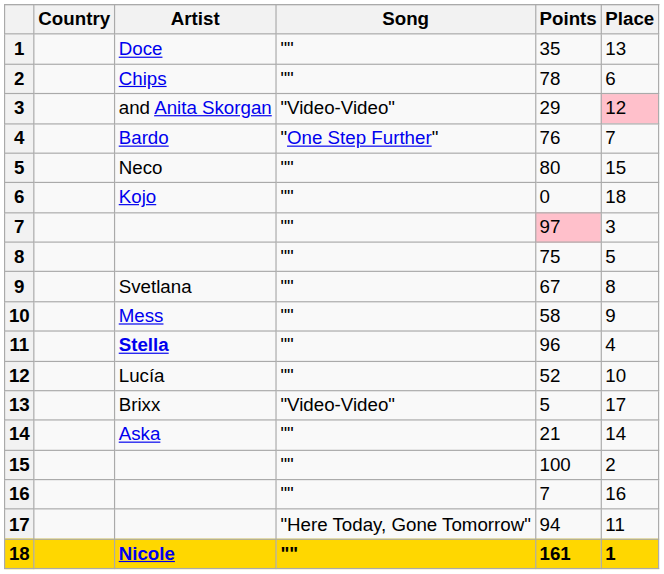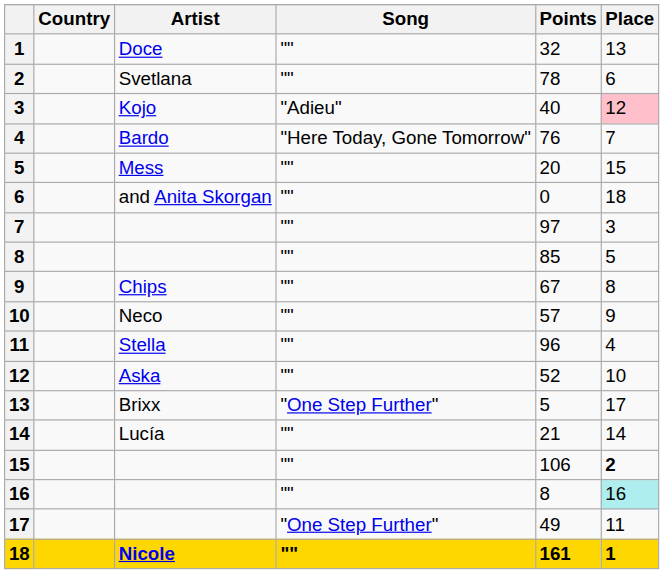 <table class="sortable wikitable plainrowheaders">
 <tr>
 </tr>
 <tr>
 <th scope="col"></th>
 <th scope="col">Country</th>
 <th scope="col">Artist</th>
 <th scope="col">Song</th>
 <th scope="col">Points</th>
 <th scope="col">Place</th>
 </tr>
 <tr>
 <th scope="row" style="text-align:center;">1</th>
 <td></td>
 <td><a href='#'>Doce</a></td>
 <td>""</td>
-<td>35</td>
+<td>32</td>
 <td>13</td>
 </tr>
 <tr>
 <th scope="row" style="text-align:center;">2</th>
 <td></td>
-<td><a href='#'>Chips</a></td>
+<td>Svetlana</td>
 <td>""</td>
 <td>78</td>
 <td>6</td>
 </tr>
 <tr>
 <th scope="row" style="text-align:center;">3</th>
 <td></td>
-<td> and <a href='#'>Anita Skorgan</a></td>
-<td>"Video-Video"</td>
-<td>29</td>
+<td><a href='#'>Kojo</a></td>
+<td>"Adieu"</td>
+<td>40</td>
 <td style="background: pink;">12</td>
 </tr>
 <tr>
 <th scope="row" style="text-align:center;">4</th>
 <td></td>
 <td><a href='#'>Bardo</a></td>
-<td>"<a href='#'>One Step Further</a>"</td>
+<td>"Here Today, Gone Tomorrow"</td>
 <td>76</td>
 <td>7</td>
 </tr>
 <tr>
 <th scope="row" style="text-align:center;">5</th>
 <td></td>
-<td>Neco</td>
+<td><a href='#'>Mess</a></td>
 <td>""</td>
-<td>80</td>
+<td>20</td>
 <td>15</td>
 </tr>
 <tr>
 <th scope="row" style="text-align:center;">6</th>
 <td></td>
-<td><a href='#'>Kojo</a></td>
+<td> and <a href='#'>Anita Skorgan</a></td>
 <td>""</td>
 <td>0</td>
 <td>18</td>
 </tr>
 <tr>
 <th scope="row" style="text-align:center;">7</th>
 <td></td>
 <td></td>
 <td>""</td>
-<td style="background: pink;">97</td>
+<td>97</td>
 <td>3</td>
 </tr>
 <tr>
 <th scope="row" style="text-align:center;">8</th>
 <td></td>
 <td></td>
 <td>""</td>
-<td>75</td>
+<td>85</td>
 <td>5</td>
 </tr>
 <tr>
 <th scope="row" style="text-align:center;">9</th>
 <td></td>
-<td>Svetlana</td>
+<td><a href='#'>Chips</a></td>
 <td>""</td>
 <td>67</td>
 <td>8</td>
 </tr>
 <tr>
 <th scope="row" style="text-align:center;">10</th>
 <td></td>
-<td><a href='#'>Mess</a></td>
+<td>Neco</td>
 <td>""</td>
-<td>58</td>
+<td>57</td>
 <td>9</td>
 </tr>
 <tr>
 <th scope="row" style="text-align:center;">11</th>
 <td></td>
-<td><strong><a href='#'>Stella</a></strong></td>
+<td><a href='#'>Stella</a></td>
 <td>""</td>
 <td>96</td>
 <td>4</td>
 </tr>
 <tr>
 <th scope="row" style="text-align:center;">12</th>
 <td></td>
-<td>Lucía</td>
+<td><a href='#'>Aska</a></td>
 <td>""</td>
 <td>52</td>
 <td>10</td>
 </tr>
 <tr>
 <th scope="row" style="text-align:center;">13</th>
 <td></td>
 <td>Brixx</td>
-<td>"Video-Video"</td>
+<td>"<a href='#'>One Step Further</a>"</td>
 <td>5</td>
 <td>17</td>
 </tr>
 <tr>
 <th scope="row" style="text-align:center;">14</th>
 <td></td>
-<td><a href='#'>Aska</a></td>
+<td>Lucía</td>
 <td>""</td>
 <td>21</td>
 <td>14</td>
 </tr>
 <tr>
 <th scope="row" style="text-align:center;">15</th>
 <td></td>
 <td></td>
 <td>""</td>
-<td>100</td>
-<td>2</td>
+<td>106</td>
+<td><strong>2</strong></td>
 </tr>
 <tr>
 <th scope="row" style="text-align:center;">16</th>
 <td></td>
 <td></td>
 <td>""</td>
-<td>7</td>
-<td>16</td>
+<td>8</td>
+<td style="background: paleturquoise;">16</td>
 </tr>
 <tr>
 <th scope="row" style="text-align:center;">17</th>
 <td></td>
 <td></td>
-<td>"Here Today, Gone Tomorrow"</td>
-<td>94</td>
+<td>"<a href='#'>One Step Further</a>"</td>
+<td>49</td>
 <td>11</td>
 </tr>
 <tr style="font-weight:bold; background:gold;">
 <th scope="row" style="text-align:center; font-weight:bold; background:gold;">18</th>
 <td></td>
 <td><a href='#'>Nicole</a></td>
 <td>""</td>
 <td>161</td>
 <td>1</td>
 </tr>
 </table>
